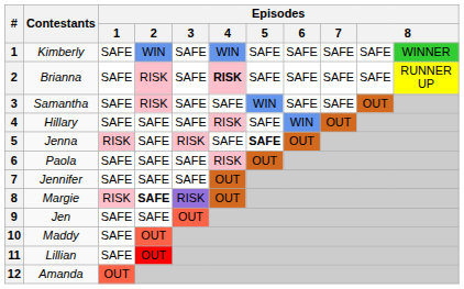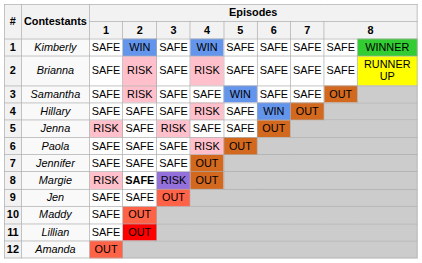 <table class="wikitable" style="text-align:center">
 <tr>
 <th rowspan=2>#</th>
 <th rowspan=2>Contestants</th>
 <th colspan=9>Episodes</th>
 </tr>
 <tr>
 <th>1</th>
 <th>2</th>
 <th>3</th>
 <th>4</th>
 <th>5</th>
 <th>6</th>
 <th>7</th>
 <th colspan=2>8</th>
 </tr>
 <tr>
 <th>1</th>
 <td><em>Kimberly</em></td>
 <td bgcolor="white">SAFE</td>
 <td bgcolor="cornflowerblue">WIN</td>
 <td bgcolor="white">SAFE</td>
 <td bgcolor="cornflowerblue">WIN</td>
 <td bgcolor="white">SAFE</td>
 <td bgcolor="white">SAFE</td>
 <td bgcolor="white">SAFE</td>
 <td bgcolor="white">SAFE</td>
 <td bgcolor="limegreen">WINNER</td>
 </tr>
 <tr>
 <th>2</th>
 <td><em>Brianna</em></td>
 <td bgcolor="white">SAFE</td>
 <td bgcolor="pink">RISK</td>
 <td bgcolor="white">SAFE</td>
-<td bgcolor="pink"><strong>RISK</strong></td>
+<td bgcolor="pink">RISK</td>
 <td bgcolor="white">SAFE</td>
 <td bgcolor="white">SAFE</td>
 <td bgcolor="white">SAFE</td>
 <td bgcolor="white">SAFE</td>
 <td bgcolor="yellow">RUNNER UP</td>
 </tr>
 <tr>
 <th>3</th>
 <td><em>Samantha</em></td>
 <td bgcolor="white">SAFE</td>
 <td bgcolor="pink">RISK</td>
 <td bgcolor="white">SAFE</td>
 <td bgcolor="white">SAFE</td>
 <td bgcolor="cornflowerblue">WIN</td>
 <td bgcolor="white">SAFE</td>
 <td bgcolor="white">SAFE</td>
 <td bgcolor="chocolate">OUT</td>
 <td bgcolor="#CCCCCC" colspan=1></td>
 </tr>
 <tr>
 <th>4</th>
 <td><em>Hillary</em></td>
 <td bgcolor="white">SAFE</td>
 <td bgcolor="white">SAFE</td>
 <td bgcolor="white">SAFE</td>
 <td bgcolor="pink">RISK</td>
 <td bgcolor="white">SAFE</td>
 <td bgcolor="cornflowerblue">WIN</td>
 <td bgcolor="chocolate">OUT</td>
 <td bgcolor="#CCCCCC" colspan=2></td>
 </tr>
 <tr>
 <th>5</th>
 <td><em>Jenna</em></td>
 <td bgcolor="pink">RISK</td>
 <td bgcolor="white">SAFE</td>
 <td bgcolor="pink">RISK</td>
 <td bgcolor="white">SAFE</td>
-<td bgcolor="white"><strong>SAFE</strong></td>
+<td bgcolor="white">SAFE</td>
 <td bgcolor="chocolate">OUT</td>
 <td bgcolor="#CCCCCC" colspan=3></td>
 </tr>
 <tr>
 <th>6</th>
 <td><em>Paola</em></td>
 <td bgcolor="white">SAFE</td>
 <td bgcolor="white">SAFE</td>
 <td bgcolor="white">SAFE</td>
 <td bgcolor="pink">RISK</td>
 <td bgcolor="chocolate">OUT</td>
 <td bgcolor="#CCCCCC" colspan=4></td>
 </tr>
 <tr>
 <th>7</th>
 <td><em>Jennifer</em></td>
 <td bgcolor="white">SAFE</td>
 <td bgcolor="white">SAFE</td>
 <td bgcolor="white">SAFE</td>
 <td bgcolor="chocolate">OUT</td>
 <td bgcolor="#CCCCCC" colspan=5></td>
 </tr>
 <tr>
 <th>8</th>
 <td><em>Margie</em></td>
 <td bgcolor="pink">RISK</td>
 <td bgcolor="white"><strong>SAFE</strong></td>
 <td bgcolor="mediumpurple">RISK</td>
 <td bgcolor="chocolate">OUT</td>
 <td bgcolor="#CCCCCC" colspan=5></td>
 </tr>
 <tr>
 <th>9</th>
 <td><em>Jen</em></td>
 <td bgcolor="white">SAFE</td>
 <td bgcolor="white">SAFE</td>
 <td bgcolor="tomato">OUT</td>
 <td bgcolor="#CCCCCC" colspan=6></td>
 </tr>
 <tr>
 <th>10</th>
 <td><em>Maddy</em></td>
 <td bgcolor="white">SAFE</td>
 <td bgcolor="tomato">OUT</td>
 <td bgcolor="#CCCCCC" colspan=7></td>
 </tr>
 <tr>
 <th>11</th>
 <td><em>Lillian</em></td>
 <td bgcolor="white">SAFE</td>
 <td bgcolor="red">OUT</td>
 <td bgcolor="#CCCCCC" colspan=7></td>
 </tr>
 <tr>
 <th>12</th>
 <td><em>Amanda</em></td>
 <td bgcolor="tomato">OUT</td>
 <td bgcolor="#CCCCCC" colspan=8></td>
 </tr>
 </table>
